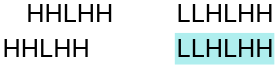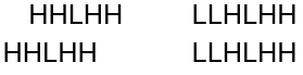 <table style="margin-left:3em">
 <tr>
 <td style="padding-left:1em">HHLHH</td>
 <td style="width:2em"></td>
 <td>LLHLHH</td>
 </tr>
 <tr>
 <td>HHLHH</td>
 <td></td>
-<td style="background: paleturquoise;">LLHLHH</td>
+<td>LLHLHH</td>
 </tr>
 </table>
